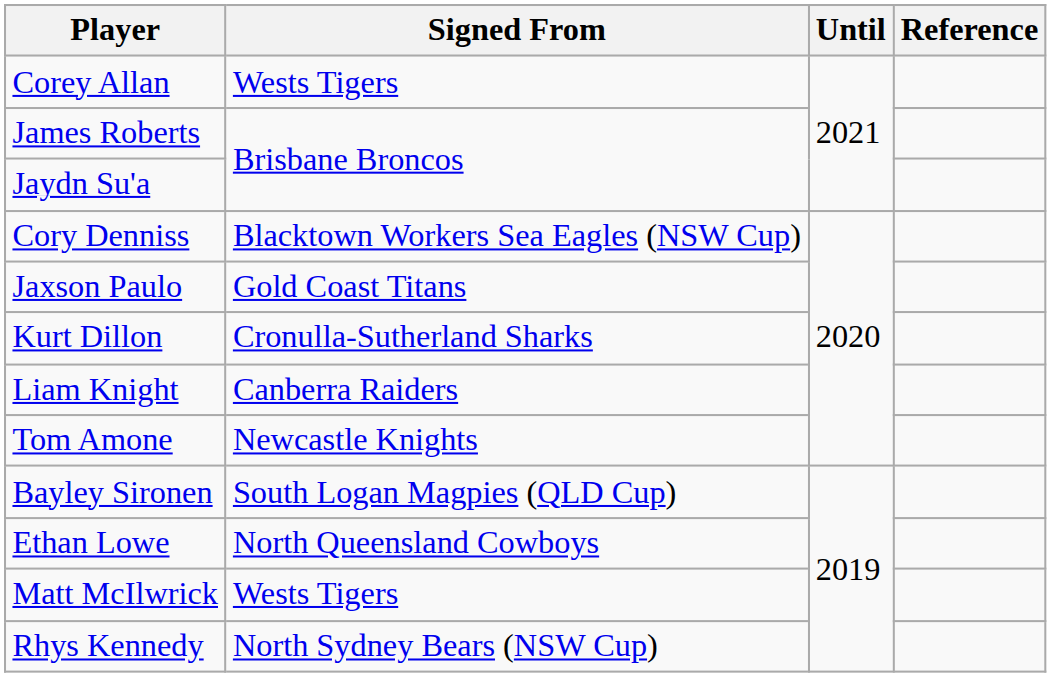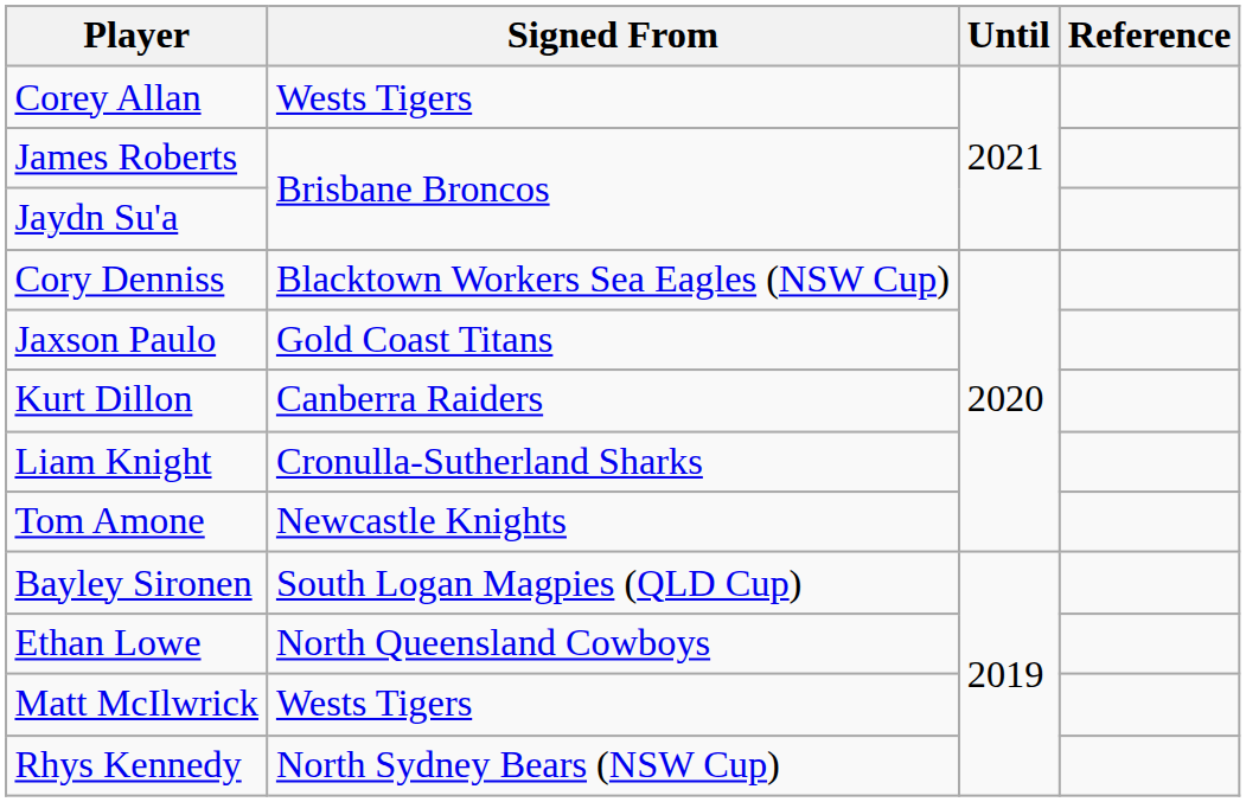 <table class="wikitable">
 <tr>
 <th>Player</th>
 <th>Signed From</th>
 <th>Until</th>
 <th>Reference</th>
 </tr>
 <tr>
 <td><a href='#'>Corey Allan</a></td>
 <td> <a href='#'>Wests Tigers</a></td>
 <td rowspan="3">2021</td>
 <td></td>
 </tr>
 <tr>
 <td><a href='#'>James Roberts</a></td>
 <td rowspan="2"> <a href='#'>Brisbane Broncos</a></td>
 <td></td>
 </tr>
 <tr>
 <td><a href='#'>Jaydn Su'a</a></td>
 <td></td>
 </tr>
 <tr>
 <td><a href='#'>Cory Denniss</a></td>
 <td> <a href='#'>Blacktown Workers Sea Eagles</a> (<a href='#'>NSW Cup</a>)</td>
 <td rowspan="5">2020</td>
 <td></td>
 </tr>
 <tr>
 <td><a href='#'>Jaxson Paulo</a></td>
 <td> <a href='#'>Gold Coast Titans</a></td>
 <td></td>
 </tr>
 <tr>
 <td><a href='#'>Kurt Dillon</a></td>
-<td> <a href='#'>Cronulla-Sutherland Sharks</a></td>
+<td> <a href='#'>Canberra Raiders</a></td>
 <td></td>
 </tr>
 <tr>
 <td><a href='#'>Liam Knight</a></td>
-<td> <a href='#'>Canberra Raiders</a></td>
+<td> <a href='#'>Cronulla-Sutherland Sharks</a></td>
 <td></td>
 </tr>
 <tr>
 <td><a href='#'>Tom Amone</a></td>
 <td> <a href='#'>Newcastle Knights</a></td>
 <td></td>
 </tr>
 <tr>
 <td><a href='#'>Bayley Sironen</a></td>
 <td> <a href='#'>South Logan Magpies</a> (<a href='#'>QLD Cup</a>)</td>
 <td rowspan="4">2019</td>
 <td></td>
 </tr>
 <tr>
 <td><a href='#'>Ethan Lowe</a></td>
 <td> <a href='#'>North Queensland Cowboys</a></td>
 <td></td>
 </tr>
 <tr>
 <td><a href='#'>Matt McIlwrick</a></td>
 <td> <a href='#'>Wests Tigers</a></td>
 <td></td>
 </tr>
 <tr>
 <td><a href='#'>Rhys Kennedy</a></td>
 <td> <a href='#'>North Sydney Bears</a> (<a href='#'>NSW Cup</a>)</td>
 <td></td>
 </tr>
 </table>
